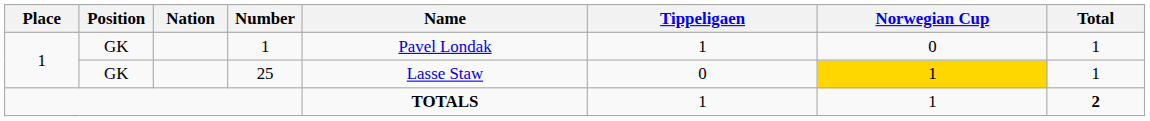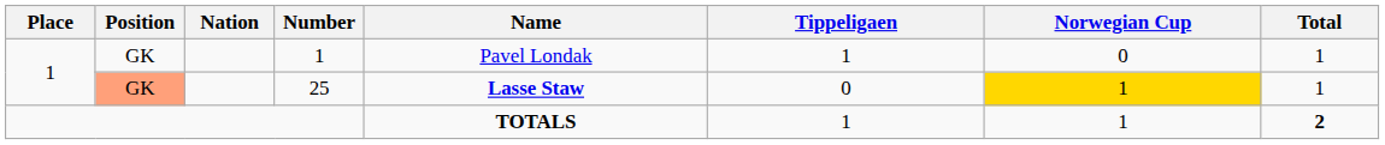 <table class="wikitable" style="font-size: 95%; text-align: center;">
 <tr>
 <th width=60>Place</th>
 <th width=60>Position</th>
 <th width=60>Nation</th>
 <th width=60>Number</th>
 <th width=250>Name</th>
 <th width=200><a href='#'>Tippeligaen</a></th>
 <th width=200><a href='#'>Norwegian Cup</a></th>
 <th width=80><strong>Total</strong></th>
 </tr>
 <tr>
 <td rowspan="2">1</td>
 <td>GK</td>
 <td></td>
 <td>1</td>
 <td><a href='#'>Pavel Londak</a></td>
 <td>1</td>
 <td>0</td>
 <td>1</td>
 </tr>
 <tr>
-<td>GK</td>
+<td style="background: lightsalmon;">GK</td>
 <td></td>
 <td>25</td>
-<td><a href='#'>Lasse Staw</a></td>
+<td><strong><a href='#'>Lasse Staw</a></strong></td>
 <td>0</td>
 <td style="background: gold;">1</td>
 <td>1</td>
 </tr>
 <tr>
 <td colspan="4"></td>
 <td><strong>TOTALS</strong></td>
 <td>1</td>
 <td>1</td>
 <td><strong>2</strong></td>
 </tr>
 </table>
